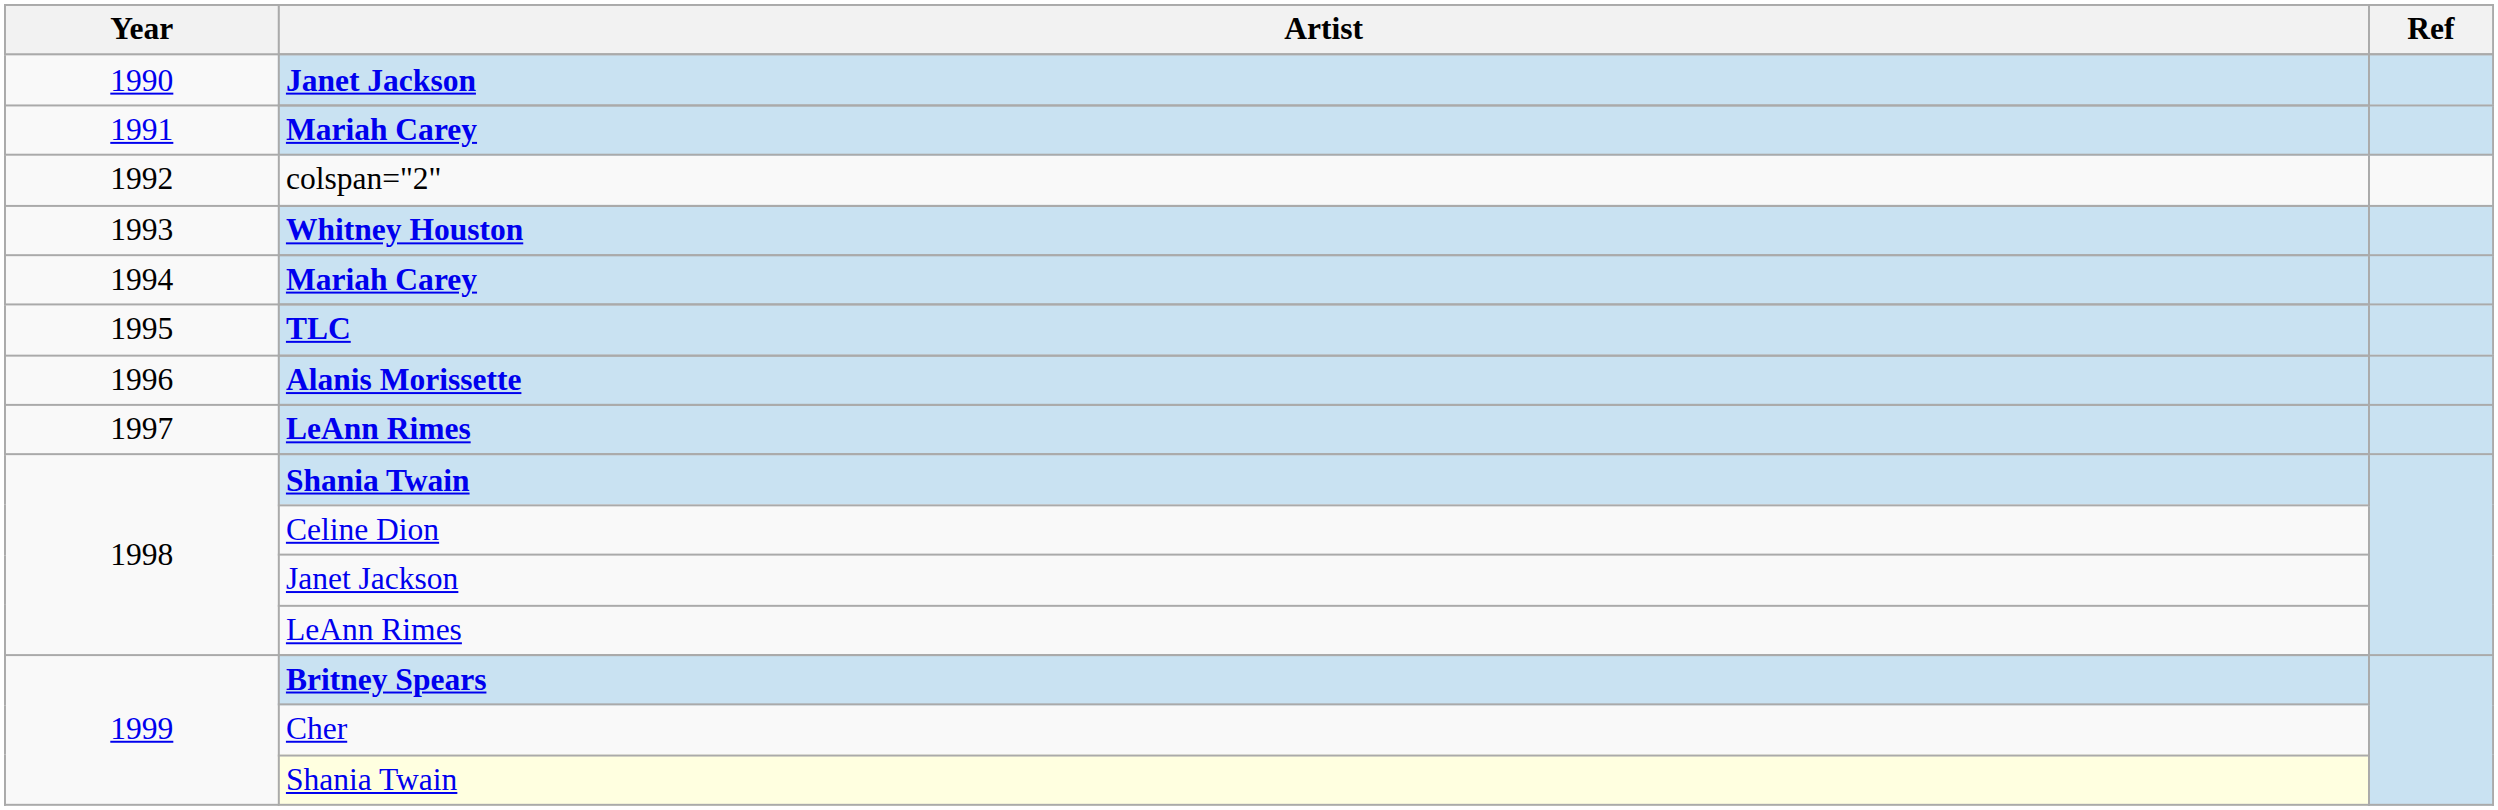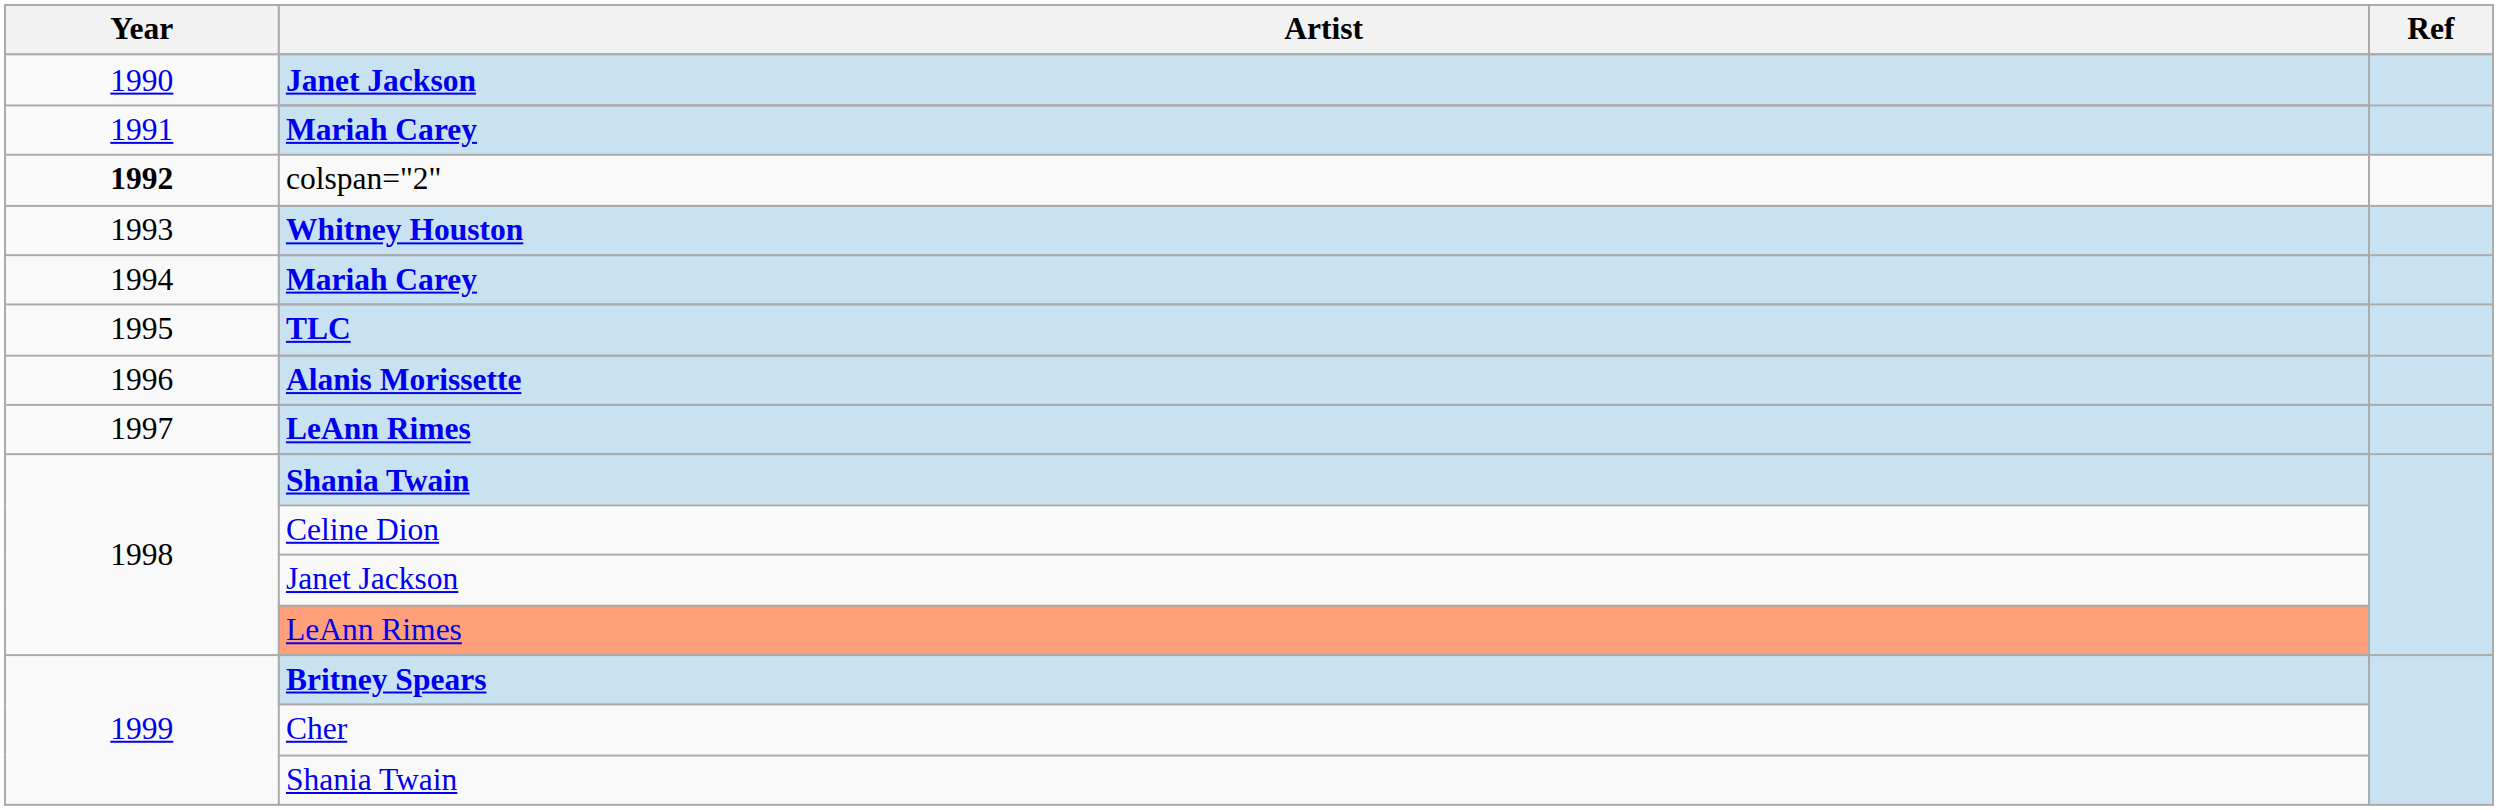 <table class="wikitable" style="width:100%;">
 <tr style="background:#bebebe;">
 <th style="width:11%;">Year</th>
 <th style="width:84%;">Artist</th>
 <th style="width:5%;">Ref</th>
 </tr>
 <tr>
 <td rowspan="2" align="center"><a href='#'>1990</a></td>
 </tr>
 <tr style="background:#c9e2f2">
 <td><strong><a href='#'>Janet Jackson</a></strong></td>
 <td rowspan="2" align="center"></td>
 </tr>
 <tr>
 <td rowspan="2" align="center"><a href='#'>1991</a></td>
 </tr>
 <tr style="background:#c9e2f2">
 <td><strong><a href='#'>Mariah Carey</a></strong></td>
 <td align="center"></td>
 </tr>
 <tr>
-<td align="center">1992</td>
+<td align="center"><strong>1992</strong></td>
 <td>colspan="2" </td>
 </tr>
 <tr>
 <td rowspan="2" align="center">1993</td>
 </tr>
 <tr style="background:#c9e2f2">
 <td><strong><a href='#'>Whitney Houston</a></strong></td>
 <td rowspan="2" align="center"></td>
 </tr>
 <tr>
 <td rowspan="2" align="center">1994</td>
 </tr>
 <tr style="background:#c9e2f2">
 <td><strong><a href='#'>Mariah Carey</a></strong></td>
 <td rowspan="2" align="center"></td>
 </tr>
 <tr>
 <td rowspan="2" align="center">1995</td>
 </tr>
 <tr style="background:#c9e2f2">
 <td><strong><a href='#'>TLC</a></strong></td>
 <td rowspan="2" align="center"></td>
 </tr>
 <tr>
 <td rowspan="2" align="center">1996</td>
 </tr>
 <tr style="background:#c9e2f2">
 <td><strong><a href='#'>Alanis Morissette</a></strong></td>
 <td rowspan="2" align="center"></td>
 </tr>
 <tr>
 <td rowspan="2" align="center">1997</td>
 </tr>
 <tr style="background:#c9e2f2">
 <td><strong><a href='#'>LeAnn Rimes</a></strong></td>
 <td rowspan="2" align="center"></td>
 </tr>
 <tr>
 <td rowspan="5" align="center">1998</td>
 </tr>
 <tr style="background:#c9e2f2">
 <td><strong><a href='#'>Shania Twain</a></strong></td>
 <td rowspan="5" align="center"></td>
 </tr>
 <tr>
 <td><a href='#'>Celine Dion</a></td>
 </tr>
 <tr>
 <td><a href='#'>Janet Jackson</a></td>
 </tr>
 <tr>
-<td><a href='#'>LeAnn Rimes</a></td>
+<td style="background: lightsalmon;"><a href='#'>LeAnn Rimes</a></td>
 </tr>
 <tr>
 <td rowspan="4" align="center"><a href='#'>1999</a></td>
 </tr>
 <tr style="background:#c9e2f2">
 <td><strong><a href='#'>Britney Spears</a></strong></td>
 <td rowspan="3" align="center"></td>
 </tr>
 <tr>
 <td><a href='#'>Cher</a></td>
 </tr>
 <tr>
-<td style="background: lightyellow;"><a href='#'>Shania Twain</a></td>
+<td><a href='#'>Shania Twain</a></td>
 </tr>
 </table>
